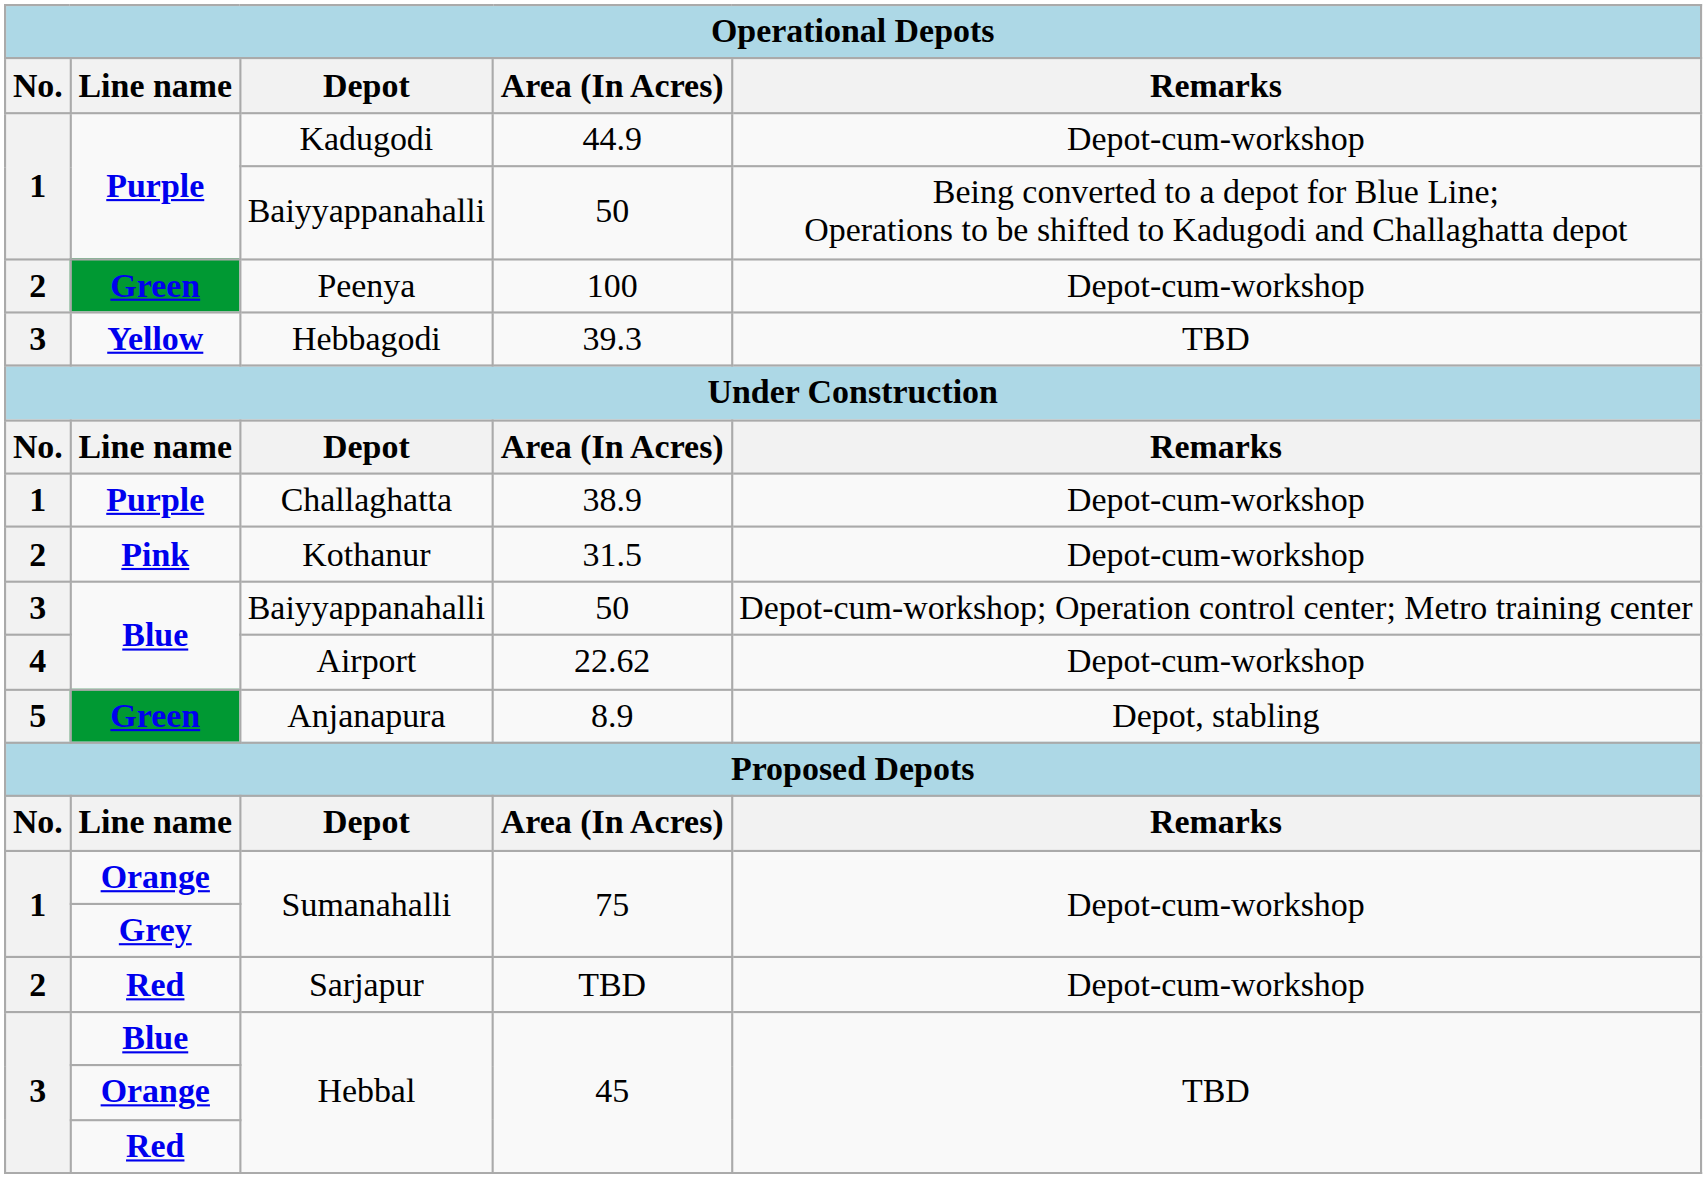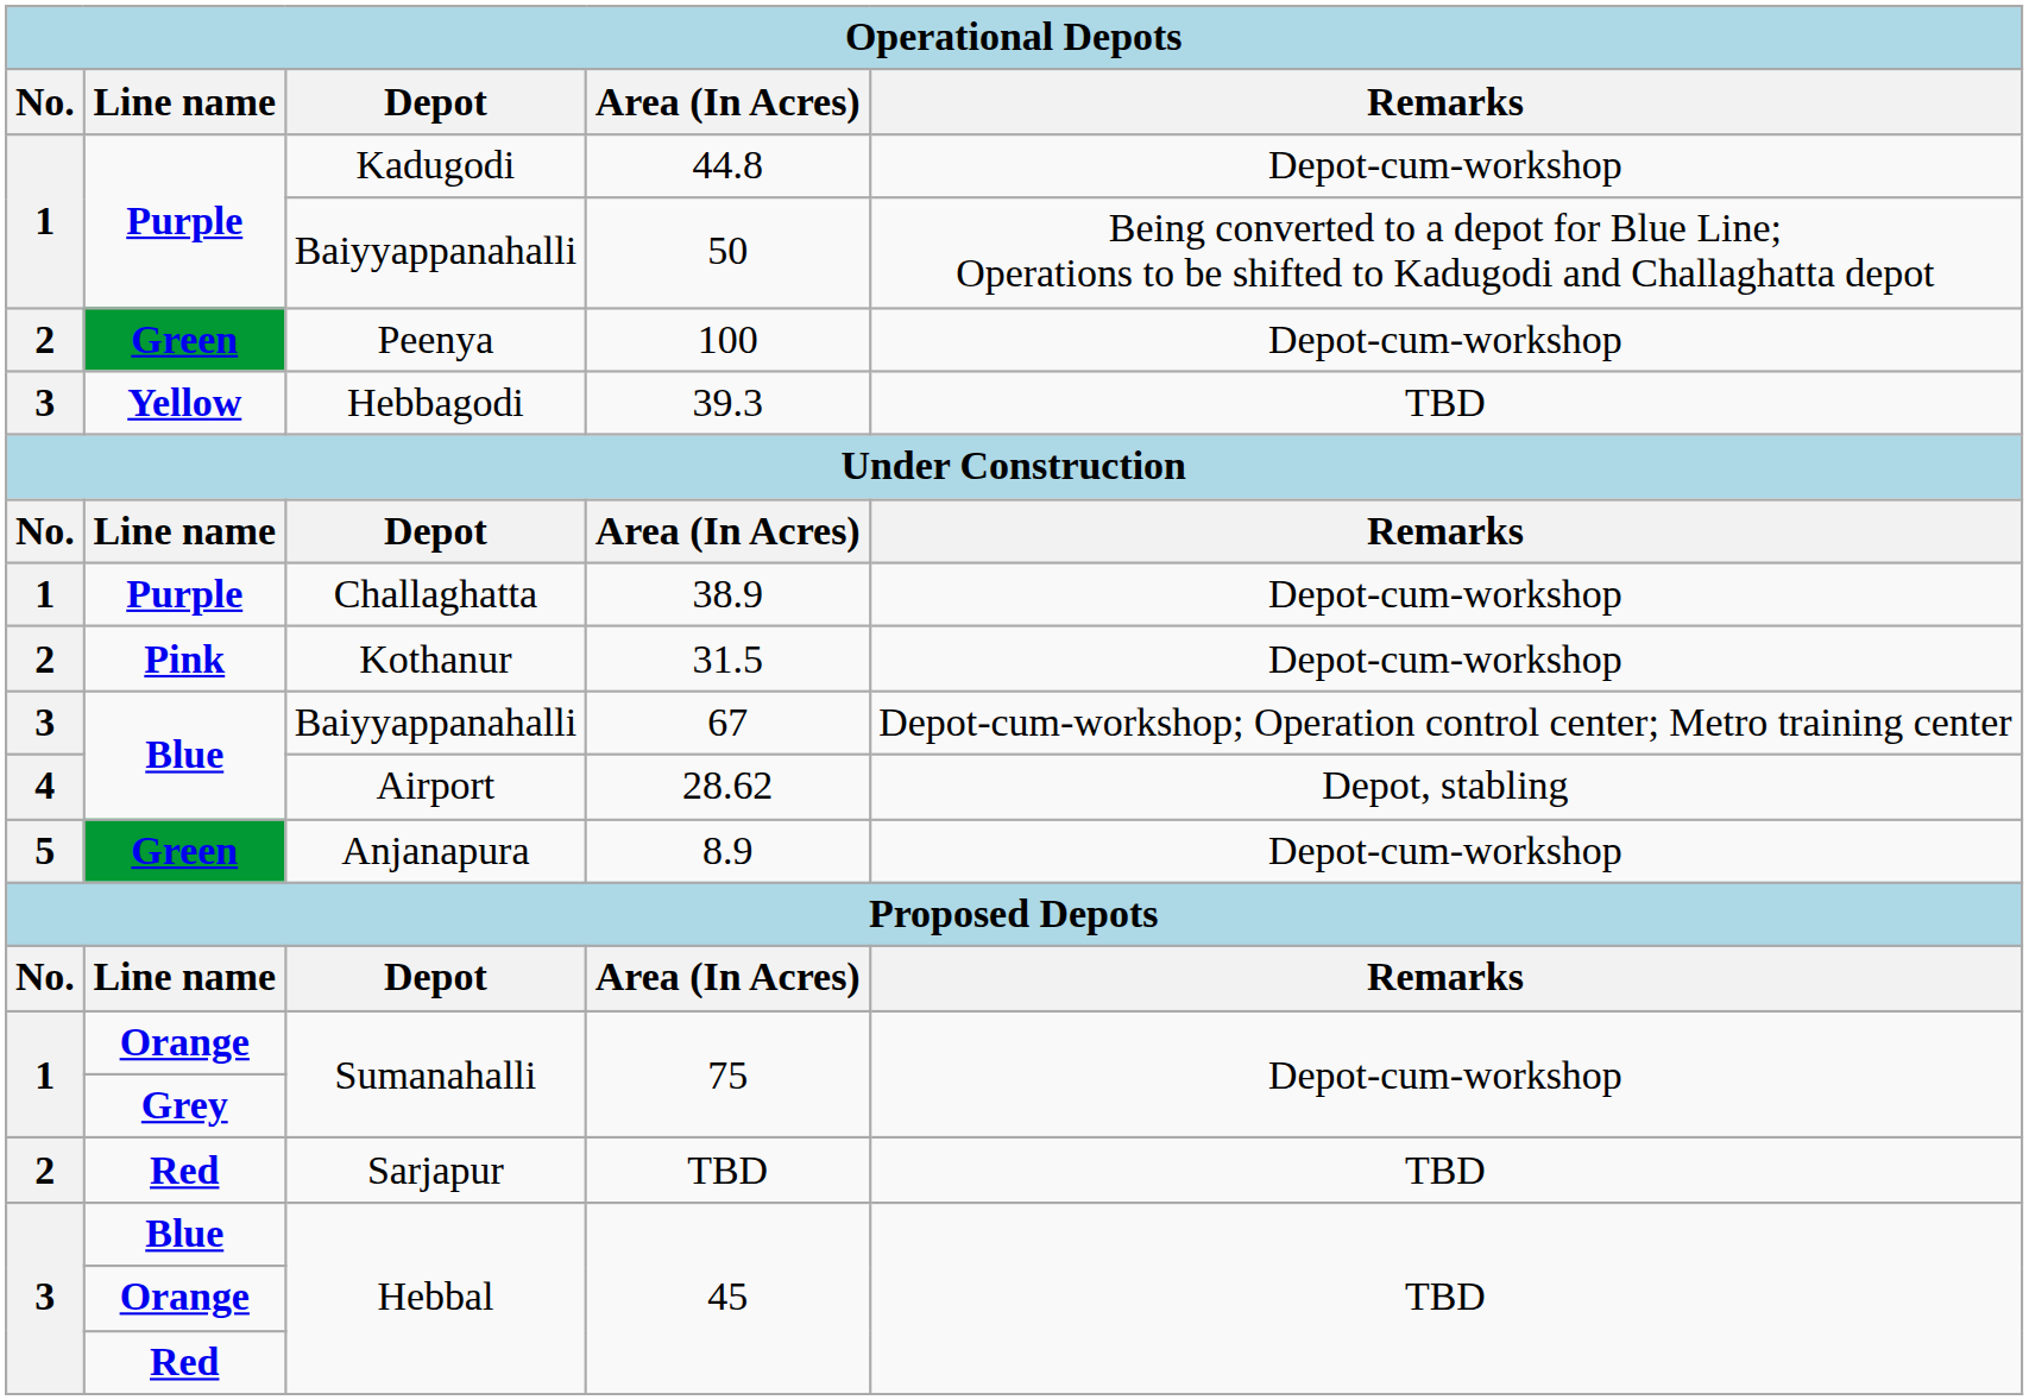 <table class="wikitable sortable" align="center" style="text-align:center; style=" font-size:85%;margin:auto">
 <tr>
 <th colspan="5" style="background:#ADD8E6;">Operational Depots</th>
 </tr>
 <tr>
 <th>No.</th>
 <th>Line name</th>
 <th>Depot</th>
 <th>Area (In Acres)</th>
 <th>Remarks</th>
 </tr>
 <tr>
 <th rowspan="2">1</th>
 <td rowspan="2" style="background:#"><a href='#'><span><strong>Purple</strong></span></a></td>
 <td>Kadugodi</td>
-<td>44.9</td>
+<td>44.8</td>
 <td>Depot-cum-workshop</td>
 </tr>
 <tr>
 <td>Baiyyappanahalli</td>
 <td>50</td>
 <td>Being converted to a depot for Blue Line;<br>Operations to be shifted to Kadugodi and Challaghatta depot</td>
 </tr>
 <tr>
 <th>2</th>
 <td rowspan="1" style="background:#009933; text-align: center;"><a href='#'><span><strong>Green</strong></span></a></td>
 <td>Peenya</td>
 <td>100</td>
 <td>Depot-cum-workshop</td>
 </tr>
 <tr>
 <th>3</th>
 <td rowspan="1" style="background:#"><a href='#'><span><strong>Yellow</strong></span></a></td>
 <td>Hebbagodi</td>
 <td>39.3</td>
 <td>TBD</td>
 </tr>
 <tr>
 <th colspan="5" style="background:#ADD8E6;">Under Construction</th>
 </tr>
 <tr>
 <th>No.</th>
 <th>Line name</th>
 <th>Depot</th>
 <th>Area (In Acres)</th>
 <th>Remarks</th>
 </tr>
 <tr>
 <th>1</th>
 <td rowspan="1" style="background:#"><a href='#'><span><strong>Purple</strong></span></a></td>
 <td>Challaghatta</td>
 <td>38.9</td>
 <td>Depot-cum-workshop</td>
 </tr>
 <tr>
 <th>2</th>
 <td rowspan="1" style="background:#"><a href='#'><span><strong>Pink</strong></span></a></td>
 <td>Kothanur</td>
 <td>31.5</td>
 <td>Depot-cum-workshop</td>
 </tr>
 <tr>
 <th>3</th>
 <td rowspan="2" style="background:#"><a href='#'><span><strong>Blue</strong></span></a></td>
 <td>Baiyyappanahalli</td>
-<td>50</td>
+<td>67</td>
 <td>Depot-cum-workshop; Operation control center; Metro training center</td>
 </tr>
 <tr>
 <th>4</th>
 <td>Airport</td>
-<td>22.62</td>
-<td>Depot-cum-workshop</td>
+<td>28.62</td>
+<td>Depot, stabling</td>
 </tr>
 <tr>
 <th>5</th>
 <td rowspan="1" style="background:#009933; text-align: center;"><a href='#'><span><strong>Green</strong></span></a></td>
 <td>Anjanapura</td>
 <td>8.9</td>
-<td>Depot, stabling</td>
+<td>Depot-cum-workshop</td>
 </tr>
 <tr>
 <th colspan="5" style="background:#ADD8E6;">Proposed Depots</th>
 </tr>
 <tr>
 <th>No.</th>
 <th>Line name</th>
 <th>Depot</th>
 <th>Area (In Acres)</th>
 <th>Remarks</th>
 </tr>
 <tr>
 <th rowspan="2">1</th>
 <td rowspan="1" style="background:#"><a href='#'><span><strong>Orange</strong></span></a></td>
 <td rowspan="2">Sumanahalli</td>
 <td rowspan="2">75</td>
 <td rowspan="2">Depot-cum-workshop</td>
 </tr>
 <tr>
 <td rowspan="1" style="background:#"><a href='#'><span><strong>Grey</strong></span></a></td>
 </tr>
 <tr>
 <th>2</th>
 <td rowspan="1" style="background:#"><a href='#'><span><strong>Red</strong></span></a></td>
 <td>Sarjapur</td>
 <td>TBD</td>
-<td>Depot-cum-workshop</td>
+<td>TBD</td>
 </tr>
 <tr>
 <th rowspan="3">3</th>
 <td rowspan="1" style="background:#"><a href='#'><span><strong>Blue</strong></span></a></td>
 <td rowspan="3">Hebbal</td>
 <td rowspan="3">45</td>
 <td rowspan="3">TBD</td>
 </tr>
 <tr>
 <td rowspan="1" style="background:#"><a href='#'><span><strong>Orange</strong></span></a></td>
 </tr>
 <tr>
 <td rowspan="1" style="background:#"><a href='#'><span><strong>Red</strong></span></a></td>
 </tr>
 <tr>
 </tr>
 </table>
